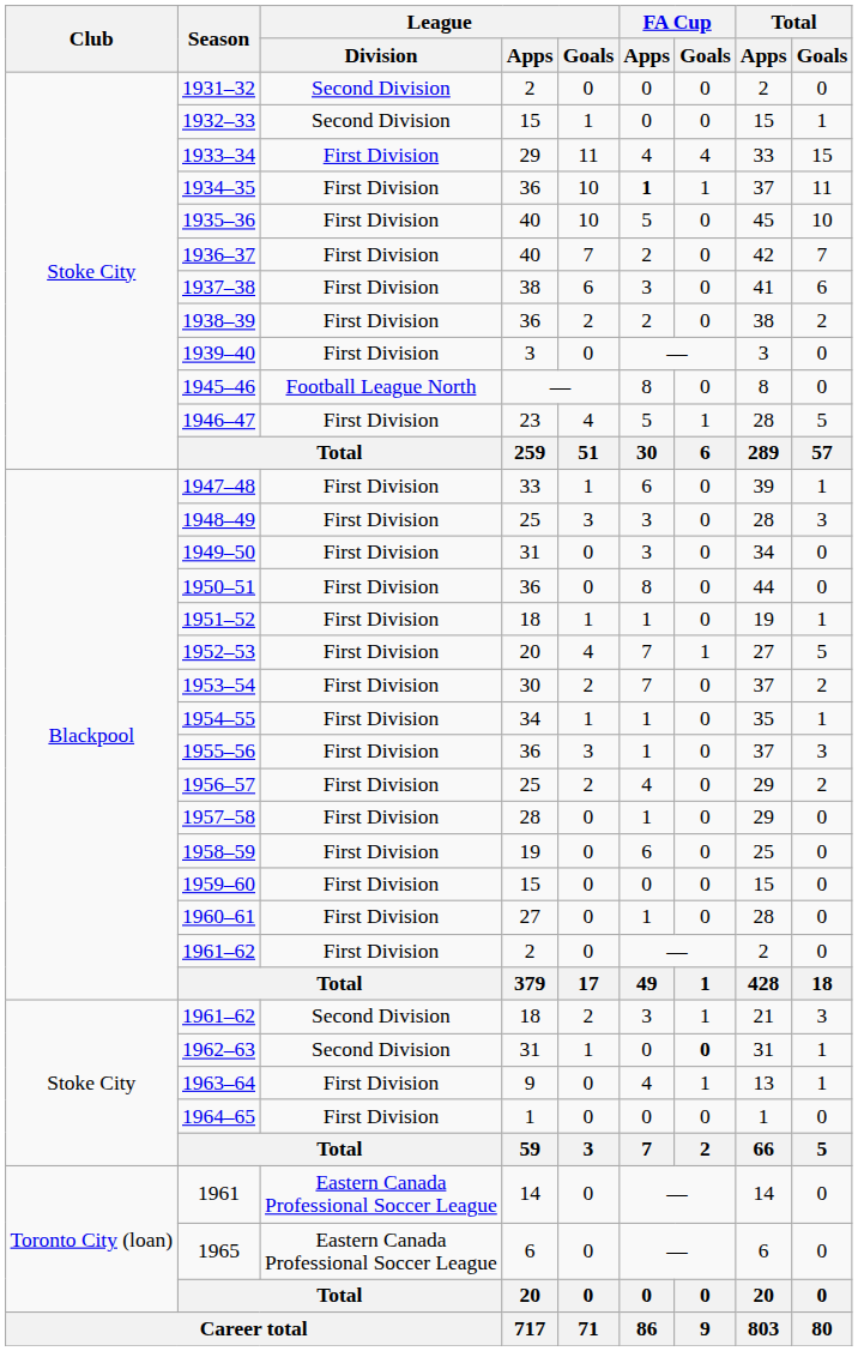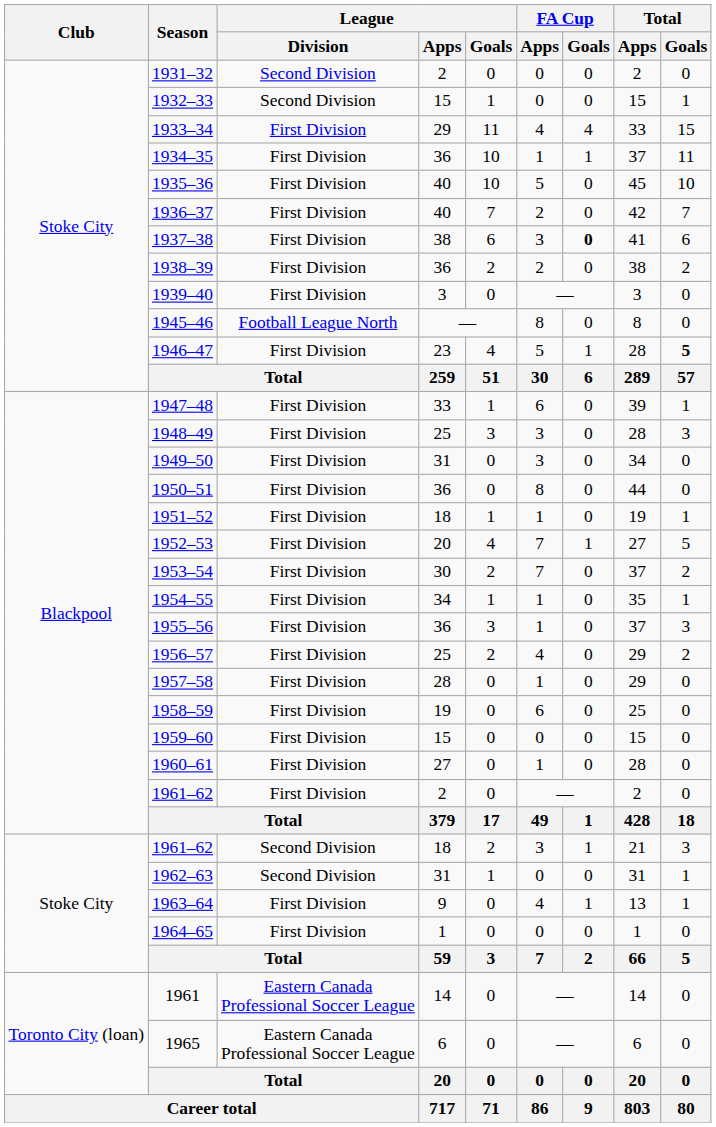 <table class="wikitable" style="text-align:center">
 <tr>
 <th rowspan="2">Club</th>
 <th rowspan="2">Season</th>
 <th colspan="3">League</th>
 <th colspan="2"><a href='#'>FA Cup</a></th>
 <th colspan="2">Total</th>
 </tr>
 <tr>
 <th>Division</th>
 <th>Apps</th>
 <th>Goals</th>
 <th>Apps</th>
 <th>Goals</th>
 <th>Apps</th>
 <th>Goals</th>
 </tr>
 <tr>
 <td rowspan="12"><a href='#'>Stoke City</a></td>
 <td><a href='#'>1931–32</a></td>
 <td><a href='#'>Second Division</a></td>
 <td>2</td>
 <td>0</td>
 <td>0</td>
 <td>0</td>
 <td>2</td>
 <td>0</td>
 </tr>
 <tr>
 <td><a href='#'>1932–33</a></td>
 <td>Second Division</td>
 <td>15</td>
 <td>1</td>
 <td>0</td>
 <td>0</td>
 <td>15</td>
 <td>1</td>
 </tr>
 <tr>
 <td><a href='#'>1933–34</a></td>
 <td><a href='#'>First Division</a></td>
 <td>29</td>
 <td>11</td>
 <td>4</td>
 <td>4</td>
 <td>33</td>
 <td>15</td>
 </tr>
 <tr>
 <td><a href='#'>1934–35</a></td>
 <td>First Division</td>
 <td>36</td>
 <td>10</td>
-<td><strong>1</strong></td>
+<td>1</td>
 <td>1</td>
 <td>37</td>
 <td>11</td>
 </tr>
 <tr>
 <td><a href='#'>1935–36</a></td>
 <td>First Division</td>
 <td>40</td>
 <td>10</td>
 <td>5</td>
 <td>0</td>
 <td>45</td>
 <td>10</td>
 </tr>
 <tr>
 <td><a href='#'>1936–37</a></td>
 <td>First Division</td>
 <td>40</td>
 <td>7</td>
 <td>2</td>
 <td>0</td>
 <td>42</td>
 <td>7</td>
 </tr>
 <tr>
 <td><a href='#'>1937–38</a></td>
 <td>First Division</td>
 <td>38</td>
 <td>6</td>
 <td>3</td>
-<td>0</td>
+<td><strong>0</strong></td>
 <td>41</td>
 <td>6</td>
 </tr>
 <tr>
 <td><a href='#'>1938–39</a></td>
 <td>First Division</td>
 <td>36</td>
 <td>2</td>
 <td>2</td>
 <td>0</td>
 <td>38</td>
 <td>2</td>
 </tr>
 <tr>
 <td><a href='#'>1939–40</a></td>
 <td>First Division</td>
 <td>3</td>
 <td>0</td>
 <td colspan="2">—</td>
 <td>3</td>
 <td>0</td>
 </tr>
 <tr>
 <td><a href='#'>1945–46</a></td>
 <td><a href='#'>Football League North</a></td>
 <td colspan="2">—</td>
 <td>8</td>
 <td>0</td>
 <td>8</td>
 <td>0</td>
 </tr>
 <tr>
 <td><a href='#'>1946–47</a></td>
 <td>First Division</td>
 <td>23</td>
 <td>4</td>
 <td>5</td>
 <td>1</td>
 <td>28</td>
-<td>5</td>
+<td><strong>5</strong></td>
 </tr>
 <tr>
 <th colspan="2">Total</th>
 <th>259</th>
 <th>51</th>
 <th>30</th>
 <th>6</th>
 <th>289</th>
 <th>57</th>
 </tr>
 <tr>
 <td rowspan="16"><a href='#'>Blackpool</a></td>
 <td><a href='#'>1947–48</a></td>
 <td>First Division</td>
 <td>33</td>
 <td>1</td>
 <td>6</td>
 <td>0</td>
 <td>39</td>
 <td>1</td>
 </tr>
 <tr>
 <td><a href='#'>1948–49</a></td>
 <td>First Division</td>
 <td>25</td>
 <td>3</td>
 <td>3</td>
 <td>0</td>
 <td>28</td>
 <td>3</td>
 </tr>
 <tr>
 <td><a href='#'>1949–50</a></td>
 <td>First Division</td>
 <td>31</td>
 <td>0</td>
 <td>3</td>
 <td>0</td>
 <td>34</td>
 <td>0</td>
 </tr>
 <tr>
 <td><a href='#'>1950–51</a></td>
 <td>First Division</td>
 <td>36</td>
 <td>0</td>
 <td>8</td>
 <td>0</td>
 <td>44</td>
 <td>0</td>
 </tr>
 <tr>
 <td><a href='#'>1951–52</a></td>
 <td>First Division</td>
 <td>18</td>
 <td>1</td>
 <td>1</td>
 <td>0</td>
 <td>19</td>
 <td>1</td>
 </tr>
 <tr>
 <td><a href='#'>1952–53</a></td>
 <td>First Division</td>
 <td>20</td>
 <td>4</td>
 <td>7</td>
 <td>1</td>
 <td>27</td>
 <td>5</td>
 </tr>
 <tr>
 <td><a href='#'>1953–54</a></td>
 <td>First Division</td>
 <td>30</td>
 <td>2</td>
 <td>7</td>
 <td>0</td>
 <td>37</td>
 <td>2</td>
 </tr>
 <tr>
 <td><a href='#'>1954–55</a></td>
 <td>First Division</td>
 <td>34</td>
 <td>1</td>
 <td>1</td>
 <td>0</td>
 <td>35</td>
 <td>1</td>
 </tr>
 <tr>
 <td><a href='#'>1955–56</a></td>
 <td>First Division</td>
 <td>36</td>
 <td>3</td>
 <td>1</td>
 <td>0</td>
 <td>37</td>
 <td>3</td>
 </tr>
 <tr>
 <td><a href='#'>1956–57</a></td>
 <td>First Division</td>
 <td>25</td>
 <td>2</td>
 <td>4</td>
 <td>0</td>
 <td>29</td>
 <td>2</td>
 </tr>
 <tr>
 <td><a href='#'>1957–58</a></td>
 <td>First Division</td>
 <td>28</td>
 <td>0</td>
 <td>1</td>
 <td>0</td>
 <td>29</td>
 <td>0</td>
 </tr>
 <tr>
 <td><a href='#'>1958–59</a></td>
 <td>First Division</td>
 <td>19</td>
 <td>0</td>
 <td>6</td>
 <td>0</td>
 <td>25</td>
 <td>0</td>
 </tr>
 <tr>
 <td><a href='#'>1959–60</a></td>
 <td>First Division</td>
 <td>15</td>
 <td>0</td>
 <td>0</td>
 <td>0</td>
 <td>15</td>
 <td>0</td>
 </tr>
 <tr>
 <td><a href='#'>1960–61</a></td>
 <td>First Division</td>
 <td>27</td>
 <td>0</td>
 <td>1</td>
 <td>0</td>
 <td>28</td>
 <td>0</td>
 </tr>
 <tr>
 <td><a href='#'>1961–62</a></td>
 <td>First Division</td>
 <td>2</td>
 <td>0</td>
 <td colspan="2">—</td>
 <td>2</td>
 <td>0</td>
 </tr>
 <tr>
 <th colspan="2">Total</th>
 <th>379</th>
 <th>17</th>
 <th>49</th>
 <th>1</th>
 <th>428</th>
 <th>18</th>
 </tr>
 <tr>
 <td rowspan="5">Stoke City</td>
 <td><a href='#'>1961–62</a></td>
 <td>Second Division</td>
 <td>18</td>
 <td>2</td>
 <td>3</td>
 <td>1</td>
 <td>21</td>
 <td>3</td>
 </tr>
 <tr>
 <td><a href='#'>1962–63</a></td>
 <td>Second Division</td>
 <td>31</td>
 <td>1</td>
 <td>0</td>
-<td><strong>0</strong></td>
+<td>0</td>
 <td>31</td>
 <td>1</td>
 </tr>
 <tr>
 <td><a href='#'>1963–64</a></td>
 <td>First Division</td>
 <td>9</td>
 <td>0</td>
 <td>4</td>
 <td>1</td>
 <td>13</td>
 <td>1</td>
 </tr>
 <tr>
 <td><a href='#'>1964–65</a></td>
 <td>First Division</td>
 <td>1</td>
 <td>0</td>
 <td>0</td>
 <td>0</td>
 <td>1</td>
 <td>0</td>
 </tr>
 <tr>
 <th colspan="2">Total</th>
 <th>59</th>
 <th>3</th>
 <th>7</th>
 <th>2</th>
 <th>66</th>
 <th>5</th>
 </tr>
 <tr>
 <td rowspan="3"><a href='#'>Toronto City</a> (loan)</td>
 <td>1961</td>
 <td><a href='#'>Eastern Canada<br>Professional Soccer League</a></td>
 <td>14</td>
 <td>0</td>
 <td colspan="2">—</td>
 <td>14</td>
 <td>0</td>
 </tr>
 <tr>
 <td>1965</td>
 <td>Eastern Canada<br>Professional Soccer League</td>
 <td>6</td>
 <td>0</td>
 <td colspan="2">—</td>
 <td>6</td>
 <td>0</td>
 </tr>
 <tr>
 <th colspan="2">Total</th>
 <th>20</th>
 <th>0</th>
 <th>0</th>
 <th>0</th>
 <th>20</th>
 <th>0</th>
 </tr>
 <tr>
 <th colspan="3">Career total</th>
 <th>717</th>
 <th>71</th>
 <th>86</th>
 <th>9</th>
 <th>803</th>
 <th>80</th>
 </tr>
 </table>
